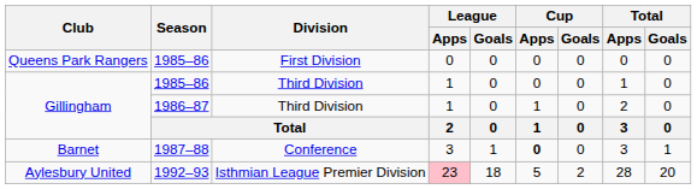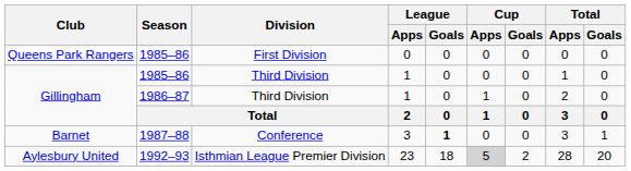 <table class="wikitable" style="text-align: center;">
 <tr>
 <th rowspan="2">Club</th>
 <th rowspan="2">Season</th>
 <th rowspan="2">Division</th>
 <th colspan="2">League</th>
 <th colspan="2">Cup</th>
 <th colspan="2">Total</th>
 </tr>
 <tr>
 <th>Apps</th>
 <th>Goals</th>
 <th>Apps</th>
 <th>Goals</th>
 <th>Apps</th>
 <th>Goals</th>
 </tr>
 <tr>
 <td><a href='#'>Queens Park Rangers</a></td>
 <td><a href='#'>1985–86</a></td>
 <td><a href='#'>First Division</a></td>
 <td>0</td>
 <td>0</td>
 <td>0</td>
 <td>0</td>
 <td>0</td>
 <td>0</td>
 </tr>
 <tr>
 <td rowspan="3"><a href='#'>Gillingham</a></td>
 <td><a href='#'>1985–86</a></td>
 <td><a href='#'>Third Division</a></td>
 <td>1</td>
 <td>0</td>
 <td>0</td>
 <td>0</td>
 <td>1</td>
 <td>0</td>
 </tr>
 <tr>
 <td><a href='#'>1986–87</a></td>
 <td>Third Division</td>
 <td>1</td>
 <td>0</td>
 <td>1</td>
 <td>0</td>
 <td>2</td>
 <td>0</td>
 </tr>
 <tr>
 <th colspan="2">Total</th>
 <th>2</th>
 <th>0</th>
 <th>1</th>
 <th>0</th>
 <th>3</th>
 <th>0</th>
 </tr>
 <tr>
 <td><a href='#'>Barnet</a></td>
 <td><a href='#'>1987–88</a></td>
 <td><a href='#'>Conference</a></td>
 <td>3</td>
-<td>1</td>
-<td><strong>0</strong></td>
+<td><strong>1</strong></td>
+<td>0</td>
 <td>0</td>
 <td>3</td>
 <td>1</td>
 </tr>
 <tr>
 <td><a href='#'>Aylesbury United</a></td>
 <td><a href='#'>1992–93</a></td>
 <td><a href='#'>Isthmian League</a> Premier Division</td>
-<td style="background: pink;">23</td>
+<td>23</td>
 <td>18</td>
-<td>5</td>
+<td style="background: lightgrey;">5</td>
 <td>2</td>
 <td>28</td>
 <td>20</td>
 </tr>
 </table>
